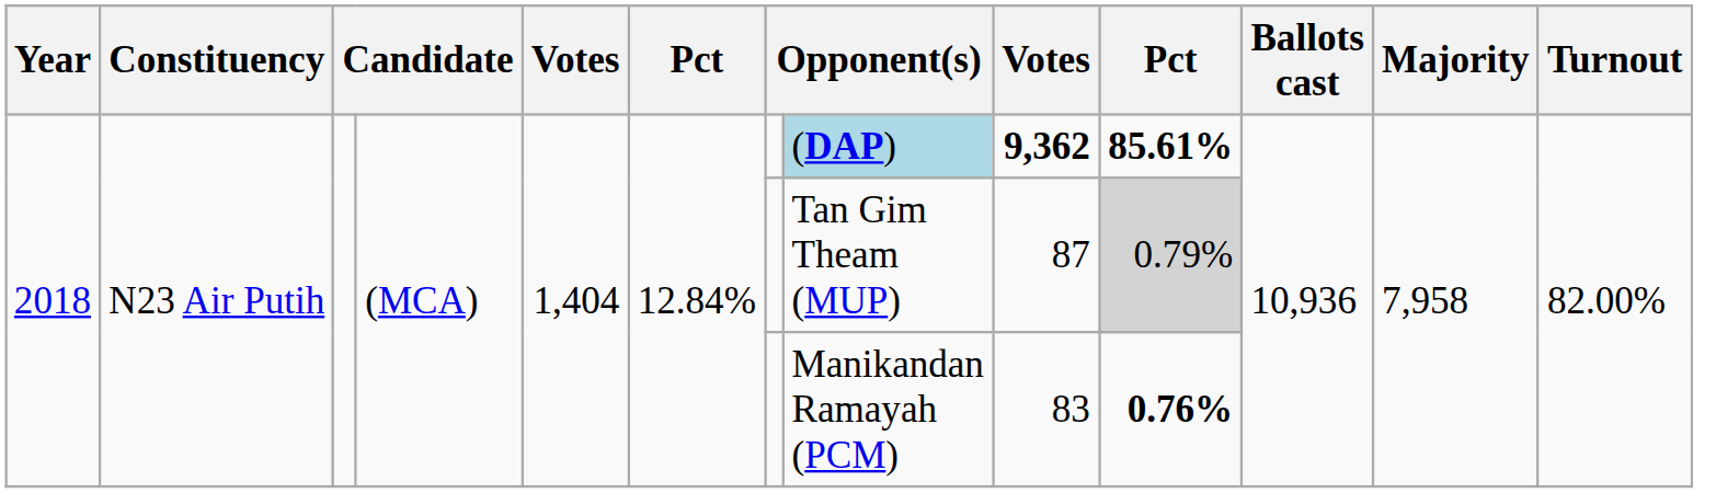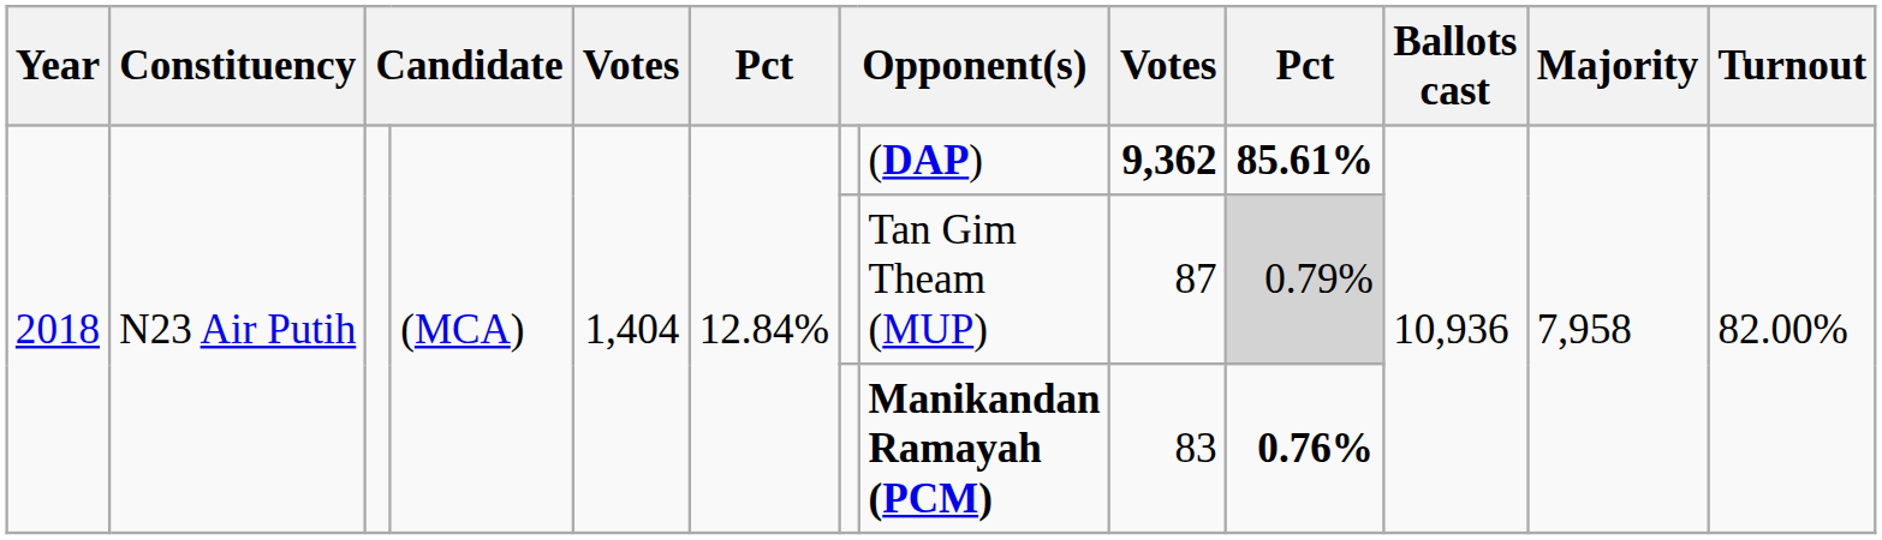 <table class="wikitable" style="margin:0.5em ; font-size:95%">
 <tr>
 <th>Year</th>
 <th>Constituency</th>
 <th colspan=2>Candidate</th>
 <th>Votes</th>
 <th>Pct</th>
 <th colspan=2>Opponent(s)</th>
 <th>Votes</th>
 <th>Pct</th>
 <th>Ballots cast</th>
 <th>Majority</th>
 <th>Turnout</th>
 </tr>
 <tr>
 <td rowspan="3"><a href='#'>2018</a></td>
 <td rowspan="3">N23 <a href='#'>Air Putih</a></td>
 <td rowspan="3" ></td>
 <td rowspan="3"> (<a href='#'>MCA</a>)</td>
 <td rowspan="3" style="text-align:right;">1,404</td>
 <td rowspan="3">12.84%</td>
 <td></td>
-<td style="background: lightblue;"> (<a href='#'><strong>DAP</strong></a>)</td>
+<td> (<a href='#'><strong>DAP</strong></a>)</td>
 <td style="text-align:right;"><strong>9,362</strong></td>
 <td><strong>85.61%</strong></td>
 <td rowspan="3">10,936</td>
 <td rowspan="3">7,958</td>
 <td rowspan="3">82.00%</td>
 </tr>
 <tr>
 <td bgcolor=></td>
 <td>Tan Gim Theam (<a href='#'>MUP</a>)</td>
 <td style="text-align:right;">87</td>
 <td style="background: lightgrey; text-align:right;">0.79%</td>
 </tr>
 <tr>
 <td bgcolor=></td>
-<td>Manikandan Ramayah (<a href='#'>PCM</a>)</td>
+<td><strong>Manikandan Ramayah (<a href='#'>PCM</a>)</strong></td>
 <td style="text-align:right;">83</td>
 <td style="text-align:right;"><strong>0.76%</strong></td>
 </tr>
 </table>
